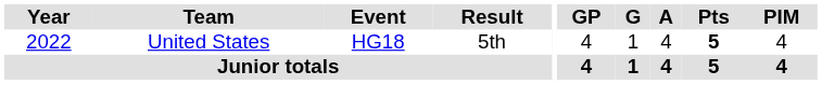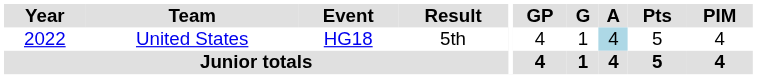 <table border="0" cellpadding="1" cellspacing="0" ID="Table3" style="text-align:center; width:40em">
 <tr bgcolor="#e0e0e0">
 <th>Year</th>
 <th>Team</th>
 <th>Event</th>
 <th>Result</th>
 <th rowspan="99" bgcolor="#ffffff"></th>
 <th>GP</th>
 <th>G</th>
 <th>A</th>
 <th>Pts</th>
 <th>PIM</th>
 </tr>
 <tr>
 <td><a href='#'>2022</a></td>
 <td><a href='#'>United States</a></td>
 <td><a href='#'>HG18</a></td>
 <td>5th</td>
 <td>4</td>
 <td>1</td>
-<td>4</td>
-<td><strong>5</strong></td>
+<td style="background: lightblue;">4</td>
+<td>5</td>
 <td>4</td>
 </tr>
 <tr bgcolor="#e0e0e0">
 <th colspan="4">Junior totals</th>
 <th>4</th>
 <th>1</th>
 <th>4</th>
 <th>5</th>
 <th>4</th>
 </tr>
 </table>
